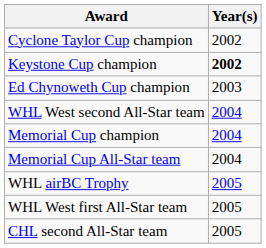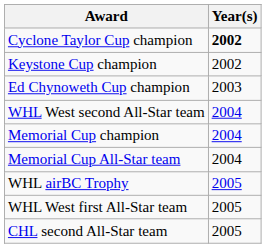 <table class="wikitable">
 <tr>
 <th>Award</th>
 <th>Year(s)</th>
 </tr>
 <tr>
 <td><a href='#'>Cyclone Taylor Cup</a> champion</td>
-<td>2002</td>
+<td><strong>2002</strong></td>
 </tr>
 <tr>
 <td><a href='#'>Keystone Cup</a> champion</td>
-<td><strong>2002</strong></td>
+<td>2002</td>
 </tr>
 <tr>
 <td><a href='#'>Ed Chynoweth Cup</a> champion</td>
 <td>2003</td>
 </tr>
 <tr>
 <td><a href='#'>WHL</a> West second All-Star team</td>
 <td><a href='#'>2004</a></td>
 </tr>
 <tr>
 <td><a href='#'>Memorial Cup</a> champion</td>
 <td><a href='#'>2004</a></td>
 </tr>
 <tr>
 <td><a href='#'>Memorial Cup All-Star team</a></td>
 <td>2004</td>
 </tr>
 <tr>
 <td>WHL <a href='#'>airBC Trophy</a></td>
 <td><a href='#'>2005</a></td>
 </tr>
 <tr>
 <td>WHL West first All-Star team</td>
 <td>2005</td>
 </tr>
 <tr>
 <td><a href='#'>CHL</a> second All-Star team</td>
 <td>2005</td>
 </tr>
 </table>
